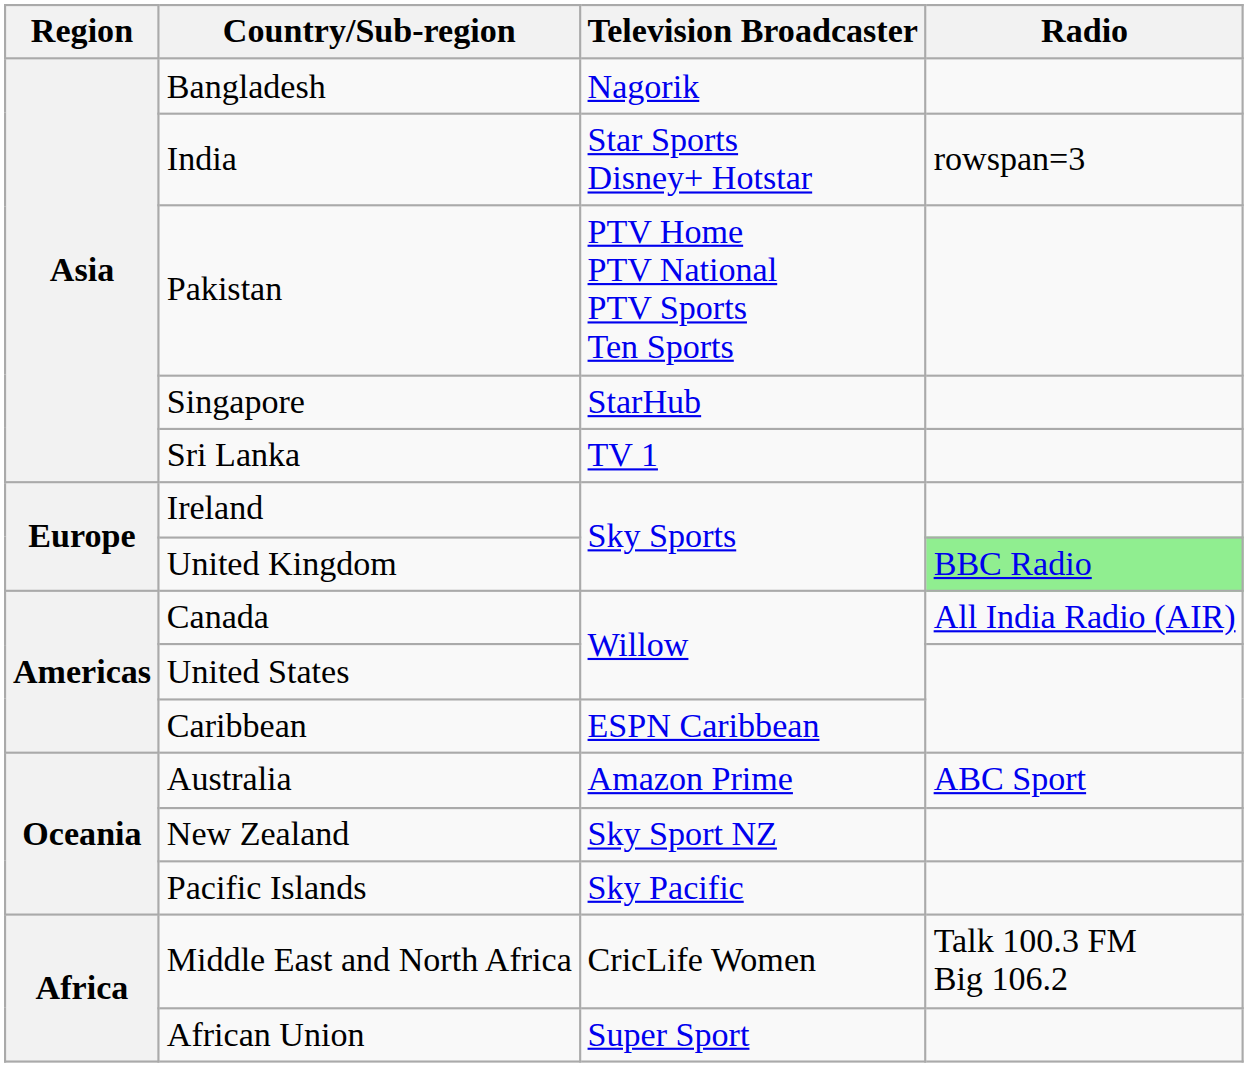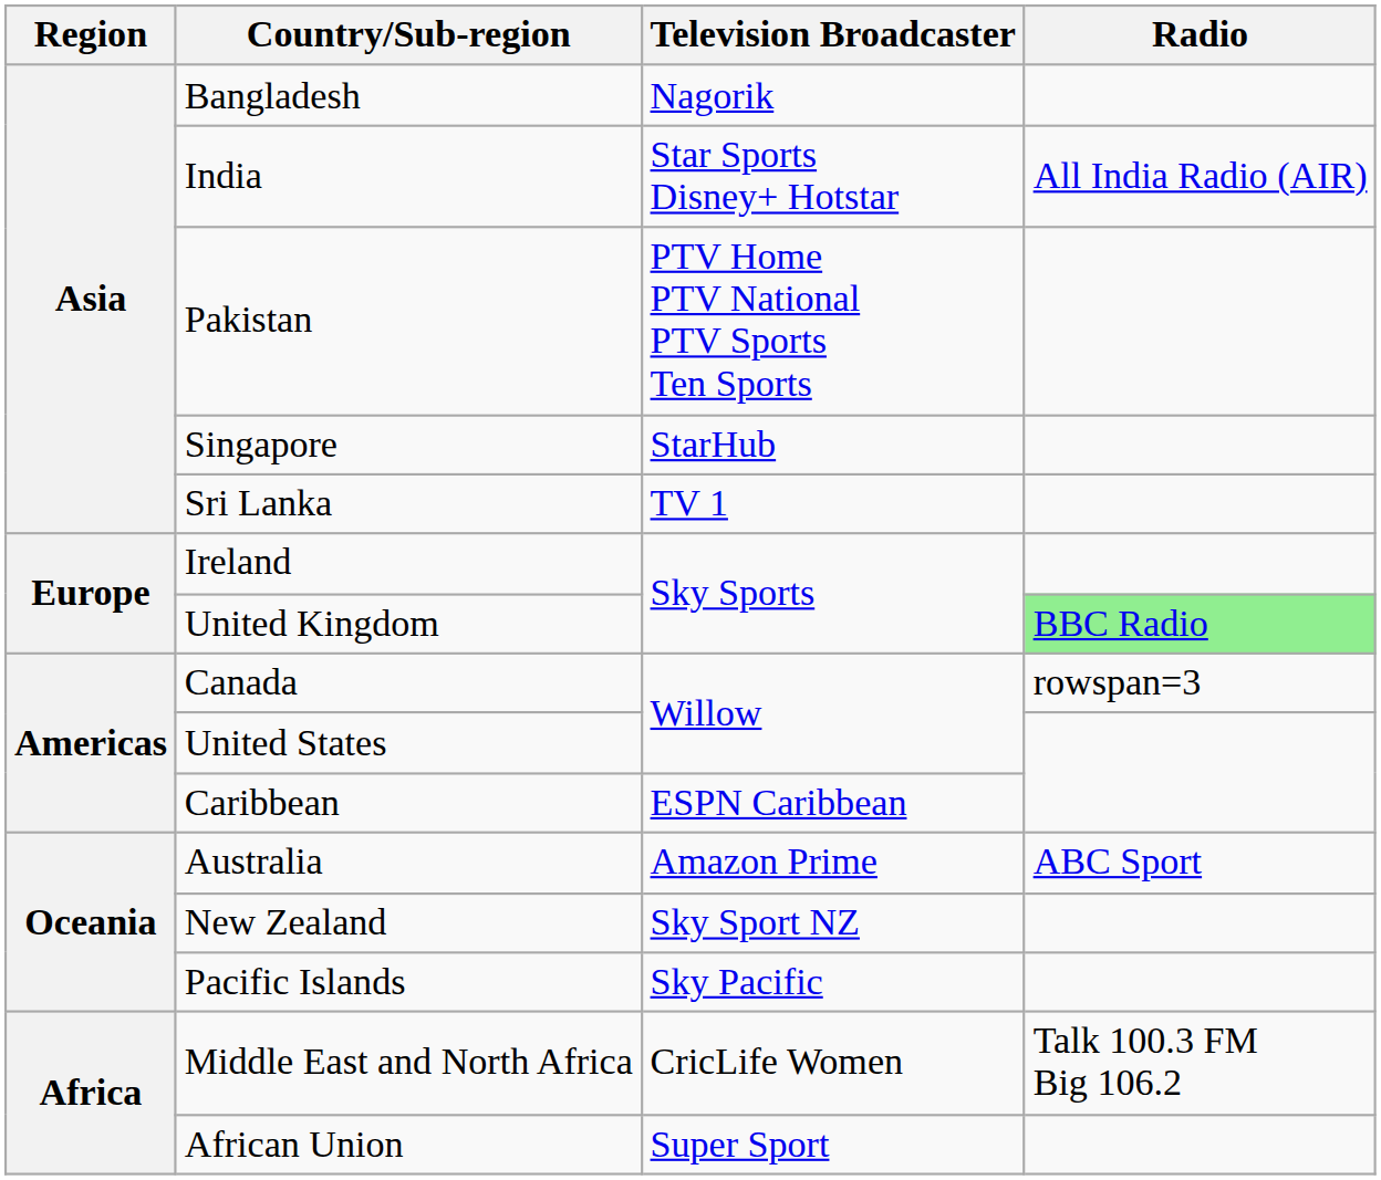 <table class="wikitable">
 <tr>
 <th scope=col>Region</th>
 <th scope=col>Country/Sub-region</th>
 <th scope=col>Television Broadcaster</th>
 <th scope=col>Radio</th>
 </tr>
 <tr>
 <th rowspan="5">Asia</th>
 <td>Bangladesh</td>
 <td><a href='#'>Nagorik</a></td>
 <td></td>
 </tr>
 <tr>
 <td>India</td>
 <td><a href='#'>Star Sports</a><br><a href='#'>Disney+ Hotstar</a></td>
-<td>rowspan=3 </td>
+<td><a href='#'>All India Radio (AIR)</a></td>
 </tr>
 <tr>
 <td>Pakistan</td>
 <td><a href='#'>PTV Home</a><br><a href='#'>PTV National</a><br><a href='#'>PTV Sports</a><br><a href='#'>Ten Sports</a></td>
 <td></td>
 </tr>
 <tr>
 <td>Singapore</td>
 <td><a href='#'>StarHub</a></td>
 <td></td>
 </tr>
 <tr>
 <td>Sri Lanka</td>
 <td><a href='#'>TV 1</a></td>
 <td></td>
 </tr>
 <tr>
 <th rowspan="2">Europe</th>
 <td>Ireland</td>
 <td rowspan="2"><a href='#'>Sky Sports</a></td>
 <td></td>
 </tr>
 <tr>
 <td>United Kingdom</td>
 <td style="background: lightgreen;"><a href='#'>BBC Radio</a></td>
 </tr>
 <tr>
 <th rowspan=3>Americas</th>
 <td>Canada</td>
 <td rowspan=2><a href='#'>Willow</a></td>
-<td><a href='#'>All India Radio (AIR)</a></td>
+<td>rowspan=3 </td>
 </tr>
 <tr>
 <td>United States</td>
 </tr>
 <tr>
 <td>Caribbean</td>
 <td><a href='#'>ESPN Caribbean</a></td>
 </tr>
 <tr>
 <th rowspan=3>Oceania</th>
 <td>Australia</td>
 <td><a href='#'>Amazon Prime</a></td>
 <td><a href='#'>ABC Sport</a></td>
 </tr>
 <tr>
 <td>New Zealand</td>
 <td><a href='#'>Sky Sport NZ</a></td>
 <td></td>
 </tr>
 <tr>
 <td>Pacific Islands</td>
 <td><a href='#'>Sky Pacific</a></td>
 <td></td>
 </tr>
 <tr>
 <th rowspan=2>Africa</th>
 <td>Middle East and North Africa</td>
 <td>CricLife Women</td>
 <td>Talk 100.3 FM<br>Big 106.2</td>
 </tr>
 <tr>
 <td>African Union</td>
 <td><a href='#'>Super Sport</a></td>
 <td></td>
 </tr>
 </table>
